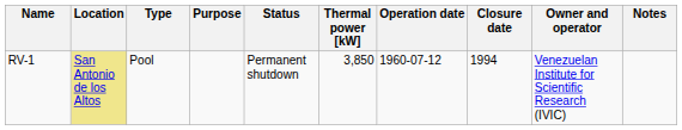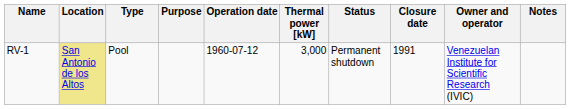 <table class="wikitable" >
 <tr valign="top">
 <th width="80">Name</th>
 <th width="65">Location</th>
 <th width="76">Type</th>
 <th width="65">Purpose</th>
+<th width=„67“>Operation date</th>
+<th width="70“">Thermal power [kW]</th>
 <th width="91">Status</th>
-<th width="70“">Thermal power [kW]</th>
-<th width=„67“>Operation date</th>
 <th width="78“">Closure date</th>
 <th width="113“">Owner and operator</th>
 <th width="65">Notes</th>
 </tr>
 <tr valign="top">
 <td>RV-1</td>
 <td style="background: khaki;"><a href='#'>San Antonio de los Altos</a></td>
 <td>Pool</td>
 <td></td>
+<td>1960-07-12</td>
+<td align="right">3,000</td>
 <td>Permanent shutdown</td>
-<td align="right">3,850</td>
-<td>1960-07-12</td>
-<td>1994</td>
+<td>1991</td>
 <td><a href='#'>Venezuelan Institute for Scientific Research</a> (IVIC)</td>
 <td></td>
 </tr>
 </table>
